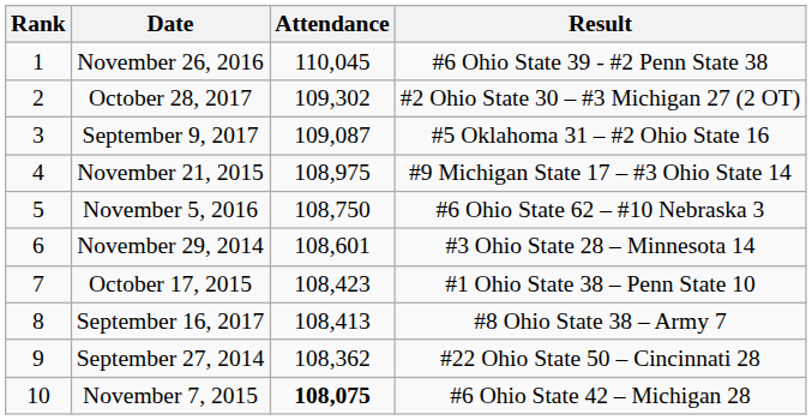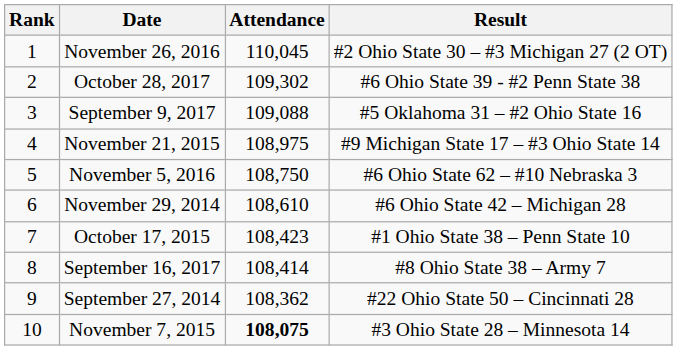 <table class=wikitable style="text-align:center">
 <tr>
 <th>Rank</th>
 <th>Date</th>
 <th>Attendance</th>
 <th>Result</th>
 </tr>
 <tr>
 <td>1</td>
 <td>November 26, 2016</td>
 <td>110,045</td>
-<td>#6 Ohio State 39 - #2 Penn State 38</td>
+<td>#2 Ohio State 30 – #3 Michigan 27 (2 OT)</td>
 </tr>
 <tr>
 <td>2</td>
 <td>October 28, 2017</td>
 <td>109,302</td>
-<td>#2 Ohio State 30 – #3 Michigan 27 (2 OT)</td>
+<td>#6 Ohio State 39 - #2 Penn State 38</td>
 </tr>
 <tr>
 <td>3</td>
 <td>September 9, 2017</td>
-<td>109,087</td>
+<td>109,088</td>
 <td>#5 Oklahoma 31 – #2 Ohio State 16</td>
 </tr>
 <tr>
 <td>4</td>
 <td>November 21, 2015</td>
 <td>108,975</td>
 <td>#9 Michigan State 17 – #3 Ohio State 14</td>
 </tr>
 <tr>
 <td>5</td>
 <td>November 5, 2016</td>
 <td>108,750</td>
 <td>#6 Ohio State 62 – #10 Nebraska 3</td>
 </tr>
 <tr>
 <td>6</td>
 <td>November 29, 2014</td>
-<td>108,601</td>
-<td>#3 Ohio State 28 – Minnesota 14</td>
+<td>108,610</td>
+<td>#6 Ohio State 42 – Michigan 28</td>
 </tr>
 <tr>
 <td>7</td>
 <td>October 17, 2015</td>
 <td>108,423</td>
 <td>#1 Ohio State 38 – Penn State 10</td>
 </tr>
 <tr>
 <td>8</td>
 <td>September 16, 2017</td>
-<td>108,413</td>
+<td>108,414</td>
 <td>#8 Ohio State 38 – Army 7</td>
 </tr>
 <tr>
 <td>9</td>
 <td>September 27, 2014</td>
 <td>108,362</td>
 <td>#22 Ohio State 50 – Cincinnati 28</td>
 </tr>
 <tr>
 <td>10</td>
 <td>November 7, 2015</td>
 <td><strong>108,075</strong></td>
-<td>#6 Ohio State 42 – Michigan 28</td>
+<td>#3 Ohio State 28 – Minnesota 14</td>
 </tr>
 </table>
